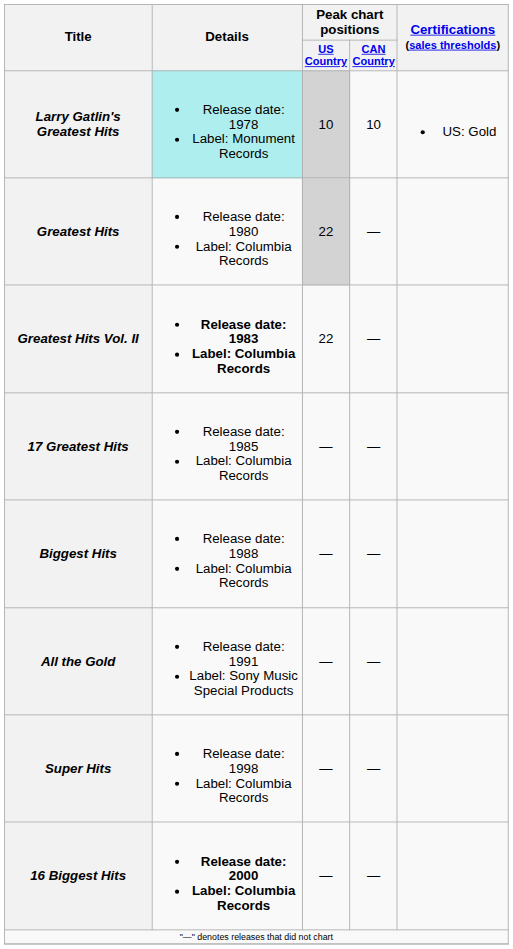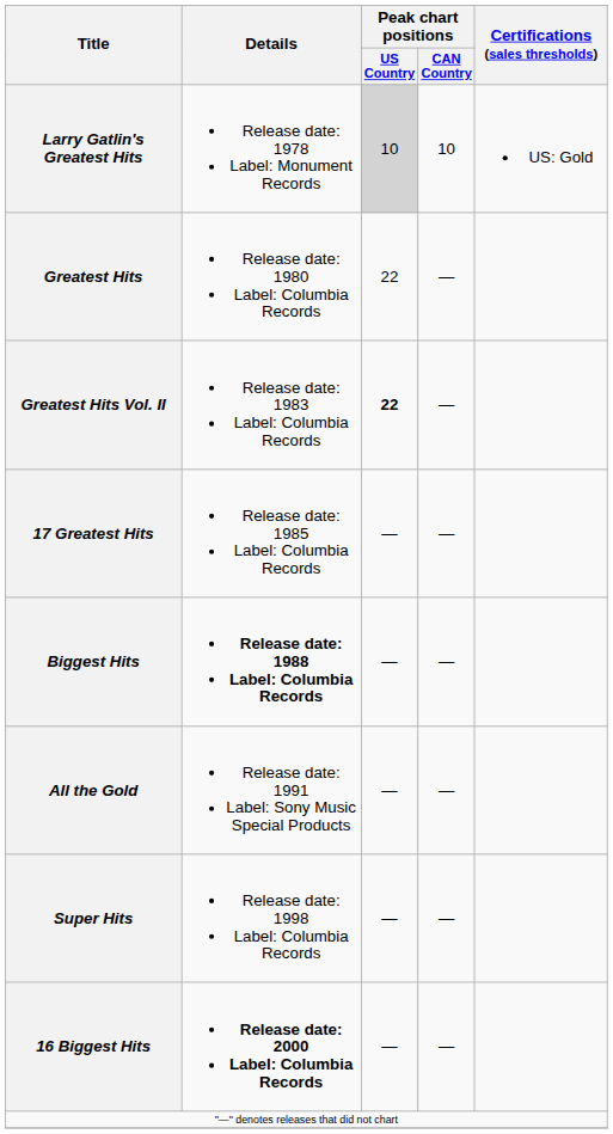 <table class="wikitable plainrowheaders" style="text-align:center;">
 <tr>
 <th rowspan="2" style="width:20em;">Title</th>
 <th rowspan="2" style="width:16em;">Details</th>
 <th colspan="2">Peak chart<br>positions</th>
 <th rowspan="2" style="width:10em;"><a href='#'>Certifications</a><br><small>(<a href='#'>sales thresholds</a>)</small></th>
 </tr>
 <tr style="font-size:smaller;">
 <th width="45"><a href='#'>US Country</a></th>
 <th width="45"><a href='#'>CAN Country</a></th>
 </tr>
 <tr>
 <th scope="row"><em>Larry Gatlin's Greatest Hits</em></th>
-<td style="background: paleturquoise;"><br><ul><li>Release date: 1978</li><li>Label: Monument Records</li></ul></td>
+<td><br><ul><li>Release date: 1978</li><li>Label: Monument Records</li></ul></td>
 <td style="background: lightgrey;">10</td>
 <td>10</td>
 <td><br><ul><li>US: Gold</li></ul></td>
 </tr>
 <tr>
 <th scope="row"><em>Greatest Hits</em></th>
 <td><br><ul><li>Release date: 1980</li><li>Label: Columbia Records</li></ul></td>
-<td style="background: lightgrey;">22</td>
+<td>22</td>
 <td>—</td>
 <td></td>
 </tr>
 <tr>
 <th scope="row"><em>Greatest Hits Vol. II</em></th>
-<td><strong><br><ul><li>Release date: 1983</li><li>Label: Columbia Records</li></ul></strong></td>
-<td>22</td>
+<td><br><ul><li>Release date: 1983</li><li>Label: Columbia Records</li></ul></td>
+<td><strong>22</strong></td>
 <td>—</td>
 <td></td>
 </tr>
 <tr>
 <th scope="row"><em>17 Greatest Hits</em></th>
 <td><br><ul><li>Release date: 1985</li><li>Label: Columbia Records</li></ul></td>
 <td>—</td>
 <td>—</td>
 <td></td>
 </tr>
 <tr>
 <th scope="row"><em>Biggest Hits</em></th>
-<td><br><ul><li>Release date: 1988</li><li>Label: Columbia Records</li></ul></td>
+<td><strong><br><ul><li>Release date: 1988</li><li>Label: Columbia Records</li></ul></strong></td>
 <td>—</td>
 <td>—</td>
 <td></td>
 </tr>
 <tr>
 <th scope="row"><em>All the Gold</em></th>
 <td><br><ul><li>Release date: 1991</li><li>Label: Sony Music Special Products</li></ul></td>
 <td>—</td>
 <td>—</td>
 <td></td>
 </tr>
 <tr>
 <th scope="row"><em>Super Hits</em></th>
 <td><br><ul><li>Release date: 1998</li><li>Label: Columbia Records</li></ul></td>
 <td>—</td>
 <td>—</td>
 <td></td>
 </tr>
 <tr>
 <th scope="row"><em>16 Biggest Hits</em></th>
 <td><strong><br><ul><li>Release date: 2000</li><li>Label: Columbia Records</li></ul></strong></td>
 <td>—</td>
 <td>—</td>
 <td></td>
 </tr>
 <tr>
 <td colspan="5" style="font-size:8pt">"—" denotes releases that did not chart</td>
 </tr>
 <tr>
 </tr>
 </table>
